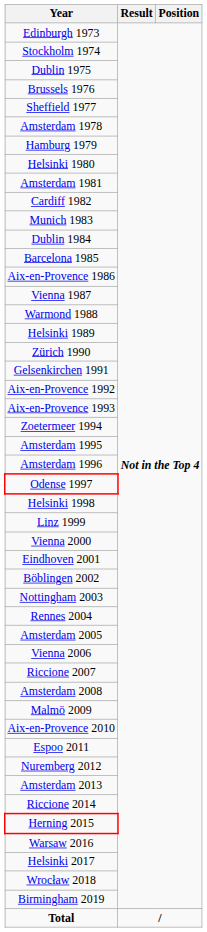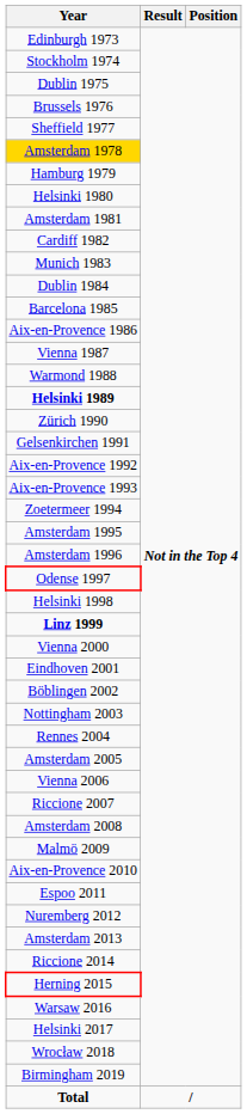 <table class="wikitable" style="text-align: center;">
 <tr>
 <th>Year</th>
 <th>Result</th>
 <th>Position</th>
 </tr>
 <tr>
 <td> <a href='#'>Edinburgh</a> 1973</td>
 <td rowspan="47" colspan="2" align="center"><strong><em>Not in the Top 4</em></strong></td>
 </tr>
 <tr>
 <td> <a href='#'>Stockholm</a> 1974</td>
 </tr>
 <tr>
 <td> <a href='#'>Dublin</a> 1975</td>
 </tr>
 <tr>
 <td> <a href='#'>Brussels</a> 1976</td>
 </tr>
 <tr>
 <td> <a href='#'>Sheffield</a> 1977</td>
 </tr>
 <tr>
-<td> <a href='#'>Amsterdam</a> 1978</td>
+<td style="background: gold;"> <a href='#'>Amsterdam</a> 1978</td>
 </tr>
 <tr>
 <td> <a href='#'>Hamburg</a> 1979</td>
 </tr>
 <tr>
 <td> <a href='#'>Helsinki</a> 1980</td>
 </tr>
 <tr>
 <td> <a href='#'>Amsterdam</a> 1981</td>
 </tr>
 <tr>
 <td> <a href='#'>Cardiff</a> 1982</td>
 </tr>
 <tr>
 <td> <a href='#'>Munich</a> 1983</td>
 </tr>
 <tr>
 <td> <a href='#'>Dublin</a> 1984</td>
 </tr>
 <tr>
 <td> <a href='#'>Barcelona</a> 1985</td>
 </tr>
 <tr>
 <td> <a href='#'>Aix-en-Provence</a> 1986</td>
 </tr>
 <tr>
 <td> <a href='#'>Vienna</a> 1987</td>
 </tr>
 <tr>
 <td> <a href='#'>Warmond</a> 1988</td>
 </tr>
 <tr>
-<td> <a href='#'>Helsinki</a> 1989</td>
+<td><strong> <a href='#'>Helsinki</a> 1989</strong></td>
 </tr>
 <tr>
 <td> <a href='#'>Zürich</a> 1990</td>
 </tr>
 <tr>
 <td> <a href='#'>Gelsenkirchen</a> 1991</td>
 </tr>
 <tr>
 <td> <a href='#'>Aix-en-Provence</a> 1992</td>
 </tr>
 <tr>
 <td> <a href='#'>Aix-en-Provence</a> 1993</td>
 </tr>
 <tr>
 <td> <a href='#'>Zoetermeer</a> 1994</td>
 </tr>
 <tr>
 <td> <a href='#'>Amsterdam</a> 1995</td>
 </tr>
 <tr>
 <td> <a href='#'>Amsterdam</a> 1996</td>
 </tr>
 <tr>
 <td style="border: 2px solid red"> <a href='#'>Odense</a> 1997</td>
 </tr>
 <tr>
 <td> <a href='#'>Helsinki</a> 1998</td>
 </tr>
 <tr>
-<td> <a href='#'>Linz</a> 1999</td>
+<td><strong> <a href='#'>Linz</a> 1999</strong></td>
 </tr>
 <tr>
 <td> <a href='#'>Vienna</a> 2000</td>
 </tr>
 <tr>
 <td> <a href='#'>Eindhoven</a> 2001</td>
 </tr>
 <tr>
 <td> <a href='#'>Böblingen</a> 2002</td>
 </tr>
 <tr>
 <td> <a href='#'>Nottingham</a> 2003</td>
 </tr>
 <tr>
 <td> <a href='#'>Rennes</a> 2004</td>
 </tr>
 <tr>
 <td> <a href='#'>Amsterdam</a> 2005</td>
 </tr>
 <tr>
 <td> <a href='#'>Vienna</a> 2006</td>
 </tr>
 <tr>
 <td> <a href='#'>Riccione</a> 2007</td>
 </tr>
 <tr>
 <td> <a href='#'>Amsterdam</a> 2008</td>
 </tr>
 <tr>
 <td> <a href='#'>Malmö</a> 2009</td>
 </tr>
 <tr>
 <td> <a href='#'>Aix-en-Provence</a> 2010</td>
 </tr>
 <tr>
 <td> <a href='#'>Espoo</a> 2011</td>
 </tr>
 <tr>
 <td> <a href='#'>Nuremberg</a> 2012</td>
 </tr>
 <tr>
 <td> <a href='#'>Amsterdam</a> 2013</td>
 </tr>
 <tr>
 <td> <a href='#'>Riccione</a> 2014</td>
 </tr>
 <tr>
 <td style="border: 2px solid red"> <a href='#'>Herning</a> 2015</td>
 </tr>
 <tr>
 <td> <a href='#'>Warsaw</a> 2016</td>
 </tr>
 <tr>
 <td> <a href='#'>Helsinki</a> 2017</td>
 </tr>
 <tr>
 <td> <a href='#'>Wrocław</a> 2018</td>
 </tr>
 <tr>
 <td> <a href='#'>Birmingham</a> 2019</td>
 </tr>
 <tr>
 <td><strong>Total</strong></td>
 <td rowspan="1" colspan="2" align="center"><strong>/</strong></td>
 </tr>
 </table>
